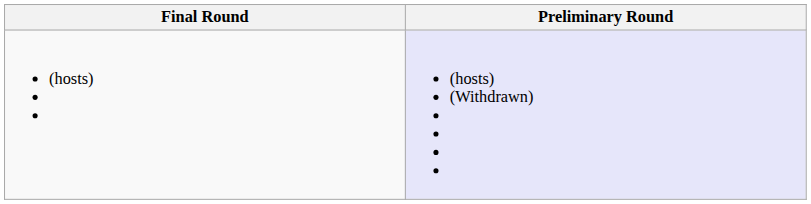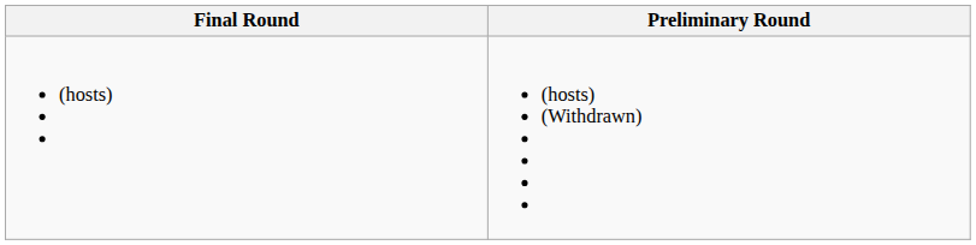 <table class="wikitable" style="width:89%;">
 <tr>
 <th width=33%>Final Round</th>
 <th width=33%>Preliminary Round</th>
 </tr>
 <tr>
 <td valign=top><br><ul><li> (hosts)</li><li></li><li></li></ul></td>
-<td valign=top style="background: lavender;"><br><ul><li> (hosts)</li><li><s></s> (Withdrawn)</li><li></li><li></li><li></li><li></li></ul></td>
+<td valign=top><br><ul><li> (hosts)</li><li><s></s> (Withdrawn)</li><li></li><li></li><li></li><li></li></ul></td>
 </tr>
 </table>
